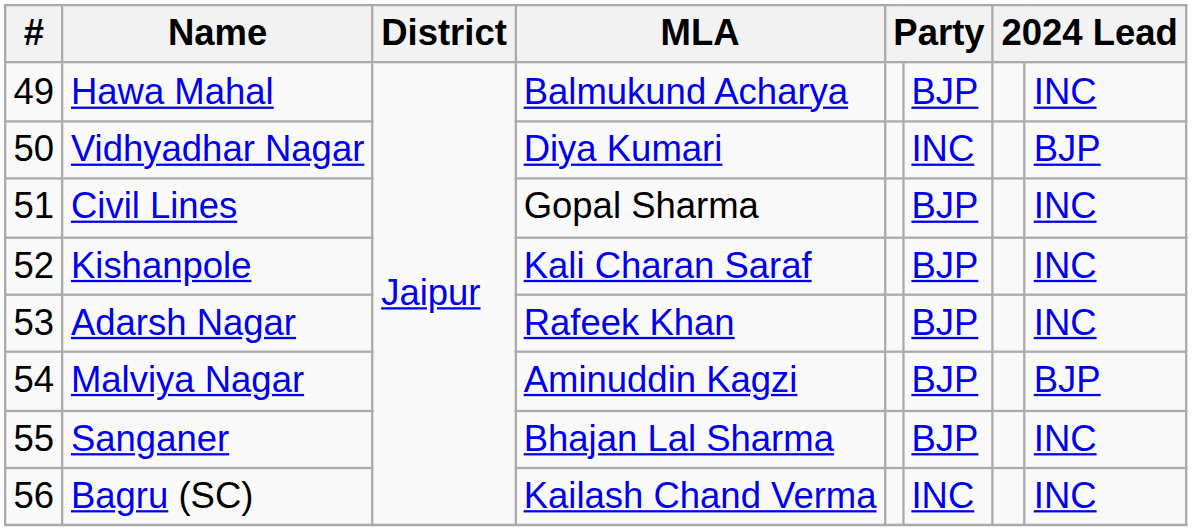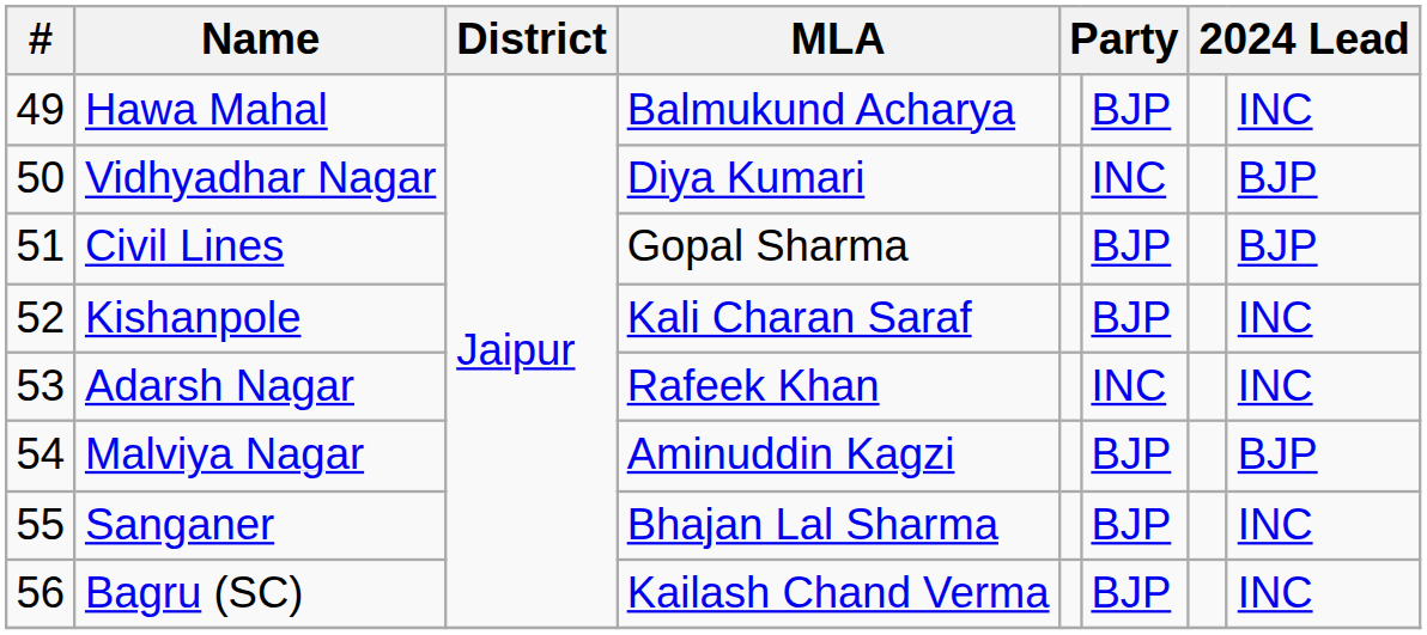 <table class="wikitable sortable">
 <tr>
 <th>#</th>
 <th>Name</th>
 <th>District</th>
 <th>MLA</th>
 <th colspan=2>Party</th>
 <th colspan=2>2024 Lead</th>
 </tr>
 <tr>
 <td>49</td>
 <td><a href='#'>Hawa Mahal</a></td>
 <td rowspan="8"><a href='#'>Jaipur</a></td>
 <td><a href='#'>Balmukund Acharya</a></td>
 <td style="background-color: "></td>
 <td><a href='#'>BJP</a></td>
 <td style="background-color: "></td>
 <td><a href='#'>INC</a></td>
 </tr>
 <tr>
 <td>50</td>
 <td><a href='#'>Vidhyadhar Nagar</a></td>
 <td><a href='#'>Diya Kumari</a></td>
 <td style="background-color: "></td>
 <td><a href='#'>INC</a></td>
 <td style="background-color: "></td>
 <td><a href='#'>BJP</a></td>
 </tr>
 <tr>
 <td>51</td>
 <td><a href='#'>Civil Lines</a></td>
 <td>Gopal Sharma</td>
 <td style="background-color: "></td>
 <td><a href='#'>BJP</a></td>
 <td style="background-color: "></td>
-<td><a href='#'>INC</a></td>
+<td><a href='#'>BJP</a></td>
 </tr>
 <tr>
 <td>52</td>
 <td><a href='#'>Kishanpole</a></td>
 <td><a href='#'>Kali Charan Saraf</a></td>
 <td style="background-color: "></td>
 <td><a href='#'>BJP</a></td>
 <td style="background-color: "></td>
 <td><a href='#'>INC</a></td>
 </tr>
 <tr>
 <td>53</td>
 <td><a href='#'>Adarsh Nagar</a></td>
 <td><a href='#'>Rafeek Khan</a></td>
 <td style="background-color: "></td>
-<td><a href='#'>BJP</a></td>
+<td><a href='#'>INC</a></td>
 <td style="background-color: "></td>
 <td><a href='#'>INC</a></td>
 </tr>
 <tr>
 <td>54</td>
 <td><a href='#'>Malviya Nagar</a></td>
 <td><a href='#'>Aminuddin Kagzi</a></td>
 <td style="background-color: "></td>
 <td><a href='#'>BJP</a></td>
 <td style="background-color: "></td>
 <td><a href='#'>BJP</a></td>
 </tr>
 <tr>
 <td>55</td>
 <td><a href='#'>Sanganer</a></td>
 <td><a href='#'>Bhajan Lal Sharma</a></td>
 <td style="background-color: "></td>
 <td><a href='#'>BJP</a></td>
 <td style="background-color: "></td>
 <td><a href='#'>INC</a></td>
 </tr>
 <tr>
 <td>56</td>
 <td><a href='#'>Bagru</a> (SC)</td>
 <td><a href='#'>Kailash Chand Verma</a></td>
 <td style="background-color: "></td>
-<td><a href='#'>INC</a></td>
+<td><a href='#'>BJP</a></td>
 <td style="background-color: "></td>
 <td><a href='#'>INC</a></td>
 </tr>
 <tr>
 </tr>
 </table>
